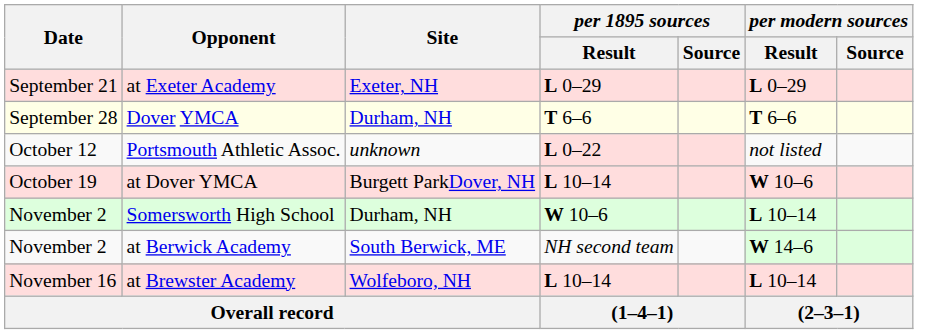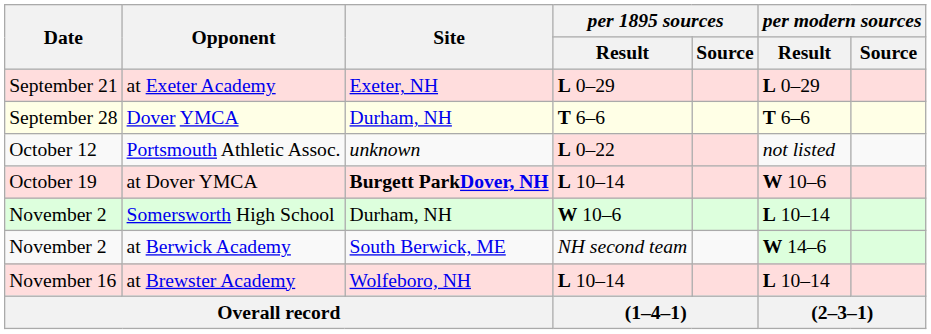 <table class="wikitable" style="text-align:left; font-size: 95%;">
 <tr>
 <th rowspan=2>Date</th>
 <th rowspan=2>Opponent</th>
 <th rowspan=2>Site</th>
 <th colspan=2><em>per 1895 sources</em></th>
 <th colspan=2><em>per modern sources</em></th>
 </tr>
 <tr>
 <th>Result</th>
 <th>Source</th>
 <th>Result</th>
 <th>Source</th>
 </tr>
 <tr style="background:#FFDDDD;">
 <td>September 21</td>
 <td>at <a href='#'>Exeter Academy</a></td>
 <td><a href='#'>Exeter, NH</a></td>
 <td><strong>L</strong> 0–29</td>
 <td></td>
 <td><strong>L</strong> 0–29</td>
 <td></td>
 </tr>
 <tr style="background:#FFFFE6;">
 <td>September 28</td>
 <td><a href='#'>Dover</a> <a href='#'>YMCA</a></td>
 <td><a href='#'>Durham, NH</a></td>
 <td><strong>T</strong> 6–6</td>
 <td></td>
 <td><strong>T</strong> 6–6</td>
 <td></td>
 </tr>
 <tr>
 <td>October 12</td>
 <td><a href='#'>Portsmouth</a> Athletic Assoc.</td>
 <td><em>unknown</em></td>
 <td bgcolor=#FFDDDD><strong>L</strong> 0–22</td>
 <td bgcolor=#FFDDDD></td>
 <td><em>not listed</em></td>
 <td></td>
 </tr>
 <tr style="background:#FFDDDD;">
 <td>October 19</td>
 <td>at Dover YMCA</td>
-<td>Burgett Park<a href='#'>Dover, NH</a></td>
+<td><strong>Burgett Park<a href='#'>Dover, NH</a></strong></td>
 <td><strong>L</strong> 10–14</td>
 <td></td>
 <td><strong>W</strong> 10–6</td>
 <td></td>
 </tr>
 <tr style="background:#DDFFDD;">
 <td>November 2</td>
 <td><a href='#'>Somersworth</a> High School</td>
 <td>Durham, NH</td>
 <td><strong>W</strong> 10–6</td>
 <td></td>
 <td><strong>L</strong> 10–14</td>
 <td></td>
 </tr>
 <tr>
 <td>November 2</td>
 <td>at <a href='#'>Berwick Academy</a></td>
 <td><a href='#'>South Berwick, ME</a></td>
 <td><em>NH second team</em></td>
 <td></td>
 <td bgcolor=#DDFFDD><strong>W</strong> 14–6</td>
 <td bgcolor=#DDFFDD></td>
 </tr>
 <tr style="background:#FFDDDD;">
 <td>November 16</td>
 <td>at <a href='#'>Brewster Academy</a></td>
 <td><a href='#'>Wolfeboro, NH</a></td>
 <td><strong>L</strong> 10–14</td>
 <td></td>
 <td><strong>L</strong> 10–14</td>
 <td></td>
 </tr>
 <tr>
 <th colspan=3>Overall record</th>
 <th colspan=2>(1–4–1)</th>
 <th colspan=2>(2–3–1)</th>
 </tr>
 </table>
